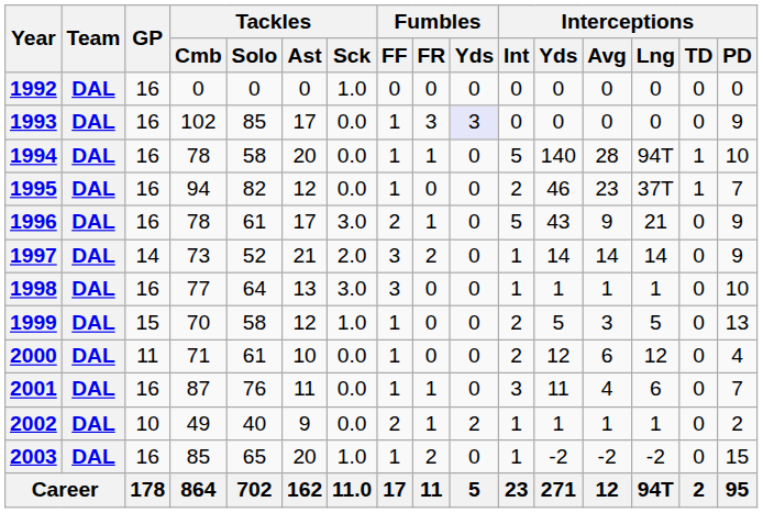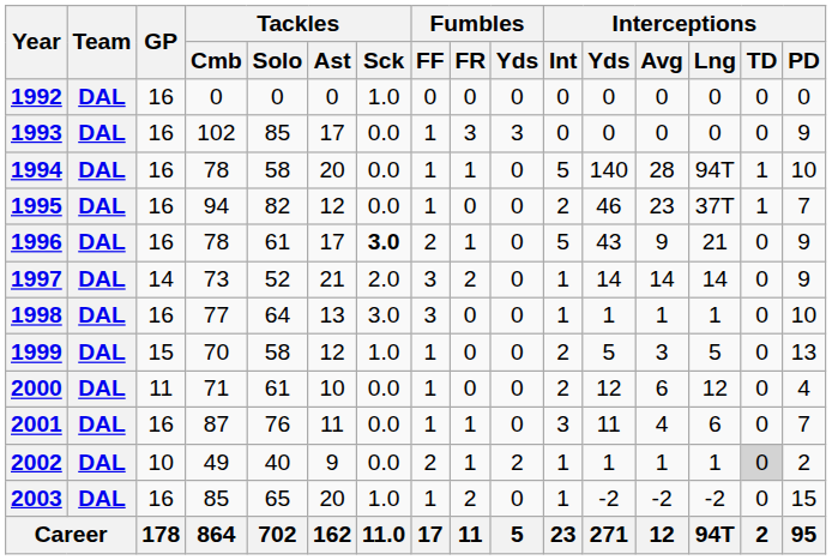 <table class="wikitable" style="text-align:center;">
 <tr>
 <th rowspan="2">Year</th>
 <th rowspan="2">Team</th>
 <th rowspan="2">GP</th>
 <th colspan="4">Tackles</th>
 <th colspan="3">Fumbles</th>
 <th colspan="6">Interceptions</th>
 </tr>
 <tr>
 <th>Cmb</th>
 <th>Solo</th>
 <th>Ast</th>
 <th>Sck</th>
 <th>FF</th>
 <th>FR</th>
 <th>Yds</th>
 <th>Int</th>
 <th>Yds</th>
 <th>Avg</th>
 <th>Lng</th>
 <th>TD</th>
 <th>PD</th>
 </tr>
 <tr>
 <th><a href='#'>1992</a></th>
 <th><a href='#'>DAL</a></th>
 <td>16</td>
 <td>0</td>
 <td>0</td>
 <td>0</td>
 <td>1.0</td>
 <td>0</td>
 <td>0</td>
 <td>0</td>
 <td>0</td>
 <td>0</td>
 <td>0</td>
 <td>0</td>
 <td>0</td>
 <td>0</td>
 </tr>
 <tr>
 <th><a href='#'>1993</a></th>
 <th><a href='#'>DAL</a></th>
 <td>16</td>
 <td>102</td>
 <td>85</td>
 <td>17</td>
 <td>0.0</td>
 <td>1</td>
 <td>3</td>
-<td style="background: lavender;">3</td>
+<td>3</td>
 <td>0</td>
 <td>0</td>
 <td>0</td>
 <td>0</td>
 <td>0</td>
 <td>9</td>
 </tr>
 <tr>
 <th><a href='#'>1994</a></th>
 <th><a href='#'>DAL</a></th>
 <td>16</td>
 <td>78</td>
 <td>58</td>
 <td>20</td>
 <td>0.0</td>
 <td>1</td>
 <td>1</td>
 <td>0</td>
 <td>5</td>
 <td>140</td>
 <td>28</td>
 <td>94T</td>
 <td>1</td>
 <td>10</td>
 </tr>
 <tr>
 <th><a href='#'>1995</a></th>
 <th><a href='#'>DAL</a></th>
 <td>16</td>
 <td>94</td>
 <td>82</td>
 <td>12</td>
 <td>0.0</td>
 <td>1</td>
 <td>0</td>
 <td>0</td>
 <td>2</td>
 <td>46</td>
 <td>23</td>
 <td>37T</td>
 <td>1</td>
 <td>7</td>
 </tr>
 <tr>
 <th><a href='#'>1996</a></th>
 <th><a href='#'>DAL</a></th>
 <td>16</td>
 <td>78</td>
 <td>61</td>
 <td>17</td>
-<td>3.0</td>
+<td><strong>3.0</strong></td>
 <td>2</td>
 <td>1</td>
 <td>0</td>
 <td>5</td>
 <td>43</td>
 <td>9</td>
 <td>21</td>
 <td>0</td>
 <td>9</td>
 </tr>
 <tr>
 <th><a href='#'>1997</a></th>
 <th><a href='#'>DAL</a></th>
 <td>14</td>
 <td>73</td>
 <td>52</td>
 <td>21</td>
 <td>2.0</td>
 <td>3</td>
 <td>2</td>
 <td>0</td>
 <td>1</td>
 <td>14</td>
 <td>14</td>
 <td>14</td>
 <td>0</td>
 <td>9</td>
 </tr>
 <tr>
 <th><a href='#'>1998</a></th>
 <th><a href='#'>DAL</a></th>
 <td>16</td>
 <td>77</td>
 <td>64</td>
 <td>13</td>
 <td>3.0</td>
 <td>3</td>
 <td>0</td>
 <td>0</td>
 <td>1</td>
 <td>1</td>
 <td>1</td>
 <td>1</td>
 <td>0</td>
 <td>10</td>
 </tr>
 <tr>
 <th><a href='#'>1999</a></th>
 <th><a href='#'>DAL</a></th>
 <td>15</td>
 <td>70</td>
 <td>58</td>
 <td>12</td>
 <td>1.0</td>
 <td>1</td>
 <td>0</td>
 <td>0</td>
 <td>2</td>
 <td>5</td>
 <td>3</td>
 <td>5</td>
 <td>0</td>
 <td>13</td>
 </tr>
 <tr>
 <th><a href='#'>2000</a></th>
 <th><a href='#'>DAL</a></th>
 <td>11</td>
 <td>71</td>
 <td>61</td>
 <td>10</td>
 <td>0.0</td>
 <td>1</td>
 <td>0</td>
 <td>0</td>
 <td>2</td>
 <td>12</td>
 <td>6</td>
 <td>12</td>
 <td>0</td>
 <td>4</td>
 </tr>
 <tr>
 <th><a href='#'>2001</a></th>
 <th><a href='#'>DAL</a></th>
 <td>16</td>
 <td>87</td>
 <td>76</td>
 <td>11</td>
 <td>0.0</td>
 <td>1</td>
 <td>1</td>
 <td>0</td>
 <td>3</td>
 <td>11</td>
 <td>4</td>
 <td>6</td>
 <td>0</td>
 <td>7</td>
 </tr>
 <tr>
 <th><a href='#'>2002</a></th>
 <th><a href='#'>DAL</a></th>
 <td>10</td>
 <td>49</td>
 <td>40</td>
 <td>9</td>
 <td>0.0</td>
 <td>2</td>
 <td>1</td>
 <td>2</td>
 <td>1</td>
 <td>1</td>
 <td>1</td>
 <td>1</td>
-<td>0</td>
+<td style="background: lightgrey;">0</td>
 <td>2</td>
 </tr>
 <tr>
 <th><a href='#'>2003</a></th>
 <th><a href='#'>DAL</a></th>
 <td>16</td>
 <td>85</td>
 <td>65</td>
 <td>20</td>
 <td>1.0</td>
 <td>1</td>
 <td>2</td>
 <td>0</td>
 <td>1</td>
 <td>-2</td>
 <td>-2</td>
 <td>-2</td>
 <td>0</td>
 <td>15</td>
 </tr>
 <tr>
 <th colspan="2">Career</th>
 <th>178</th>
 <th>864</th>
 <th>702</th>
 <th>162</th>
 <th>11.0</th>
 <th>17</th>
 <th>11</th>
 <th>5</th>
 <th>23</th>
 <th>271</th>
 <th>12</th>
 <th>94T</th>
 <th>2</th>
 <th>95</th>
 </tr>
 </table>
